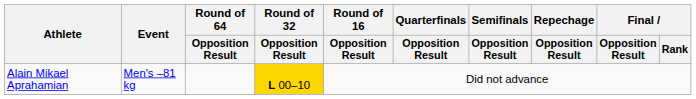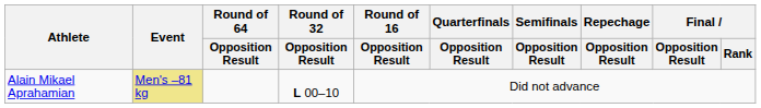 <table class="wikitable" style="font-size:90%">
 <tr>
 <th rowspan="2">Athlete</th>
 <th rowspan="2">Event</th>
 <th>Round of 64</th>
 <th>Round of 32</th>
 <th>Round of 16</th>
 <th>Quarterfinals</th>
 <th>Semifinals</th>
 <th>Repechage</th>
 <th colspan=2>Final / </th>
 </tr>
 <tr style="font-size:95%">
 <th>Opposition<br>Result</th>
 <th>Opposition<br>Result</th>
 <th>Opposition<br>Result</th>
 <th>Opposition<br>Result</th>
 <th>Opposition<br>Result</th>
 <th>Opposition<br>Result</th>
 <th>Opposition<br>Result</th>
 <th>Rank</th>
 </tr>
 <tr align=center>
 <td align=left><a href='#'>Alain Mikael Aprahamian</a></td>
-<td align=left><a href='#'>Men's –81 kg</a></td>
+<td align=left style="background: khaki;"><a href='#'>Men's –81 kg</a></td>
 <td></td>
-<td style="background: gold;"><br><strong>L</strong> 00–10</td>
+<td><br><strong>L</strong> 00–10</td>
 <td colspan="6">Did not advance</td>
 </tr>
 </table>
